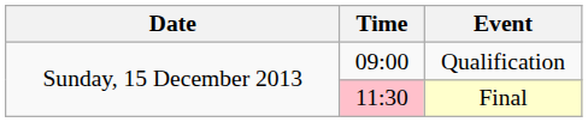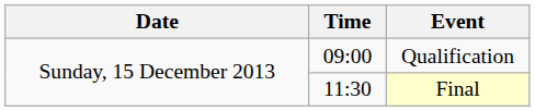 <table class = "wikitable" style="text-align:center;">
 <tr>
 <th width=220>Date</th>
 <th width=50>Time</th>
 <th width=100>Event</th>
 </tr>
 <tr>
 <td rowspan=2>Sunday, 15 December 2013</td>
 <td>09:00</td>
 <td>Qualification</td>
 </tr>
 <tr>
-<td style="background: pink;">11:30</td>
+<td>11:30</td>
 <td bgcolor=ffffcc>Final</td>
 </tr>
 </table>
